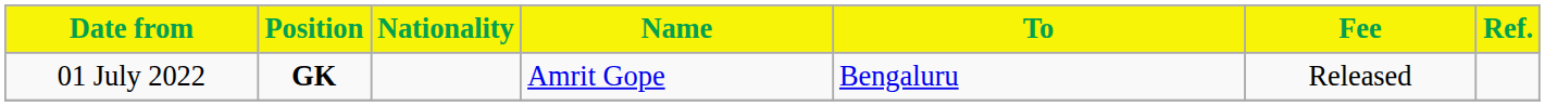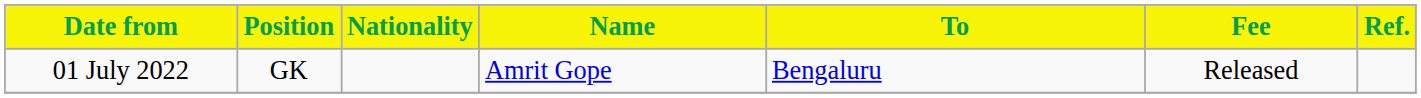 <table class="wikitable"  style="text-align:center; font-size:90%; ">
 <tr>
 <th style="background:#F7F408; color:#00A050; width:120px;">Date from</th>
 <th style="background:#F7F408; color:#00A050; width:50px;">Position</th>
 <th style="background:#F7F408; color:#00A050; width:50px;">Nationality</th>
 <th style="background:#F7F408; color:#00A050; width:150px;">Name</th>
 <th style="background:#F7F408; color:#00A050; width:200px;">To</th>
 <th style="background:#F7F408; color:#00A050; width:110px;">Fee</th>
 <th style="background:#F7F408; color:#00A050; width:25px;">Ref.</th>
 </tr>
 <tr>
 <td>01 July 2022</td>
-<td style="text-align:center;"><strong>GK</strong></td>
+<td style="text-align:center;">GK</td>
 <td style="text-align:center;"></td>
 <td style="text-align:left;"><a href='#'>Amrit Gope </a></td>
 <td style="text-align:left;"><a href='#'>Bengaluru</a></td>
 <td>Released</td>
 <td></td>
 </tr>
 <tr>
 </tr>
 </table>
